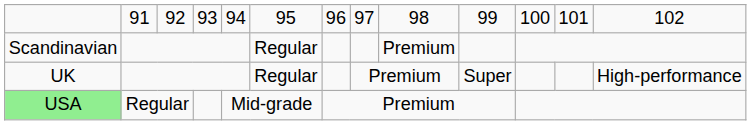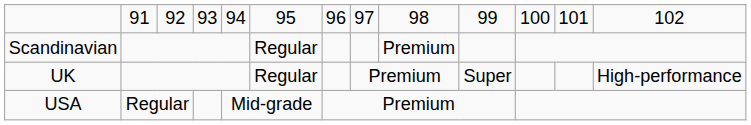 <table class="wikitable" style="text-align:center;">
 <tr>
 <td></td>
 <td>91</td>
 <td>92</td>
 <td>93</td>
 <td>94</td>
 <td>95</td>
 <td>96</td>
 <td>97</td>
 <td>98</td>
 <td>99</td>
 <td>100</td>
 <td>101</td>
 <td>102</td>
 </tr>
 <tr>
 <td>Scandinavian</td>
 <td colspan="4" scope="row"></td>
 <td>Regular</td>
 <td></td>
 <td></td>
 <td>Premium</td>
 <td></td>
 </tr>
 <tr>
 <td>UK</td>
 <td colspan="4" scope="row"></td>
 <td>Regular</td>
 <td></td>
 <td colspan="2" scope="row">Premium</td>
 <td>Super</td>
 <td></td>
 <td></td>
 <td>High-performance</td>
 </tr>
 <tr>
-<td style="background: lightgreen;">USA</td>
+<td>USA</td>
 <td colspan="2" scope="row">Regular</td>
 <td></td>
 <td colspan="2" scope="row">Mid-grade</td>
 <td colspan="4" scope="row">Premium</td>
 </tr>
 </table>
